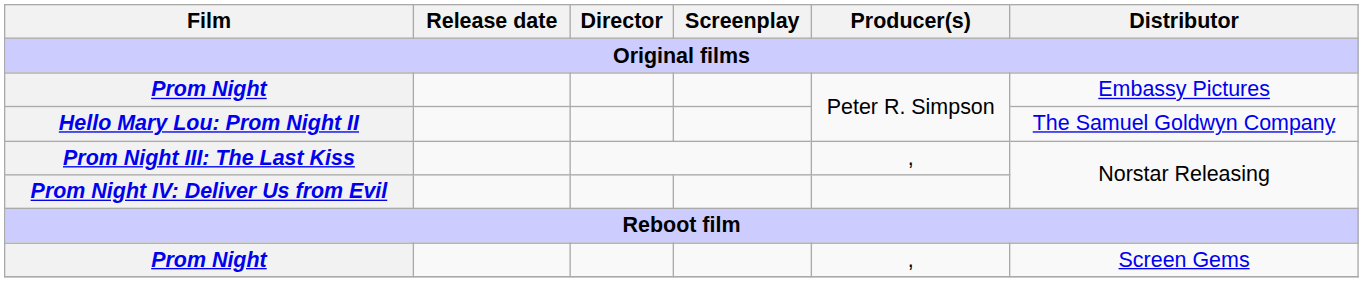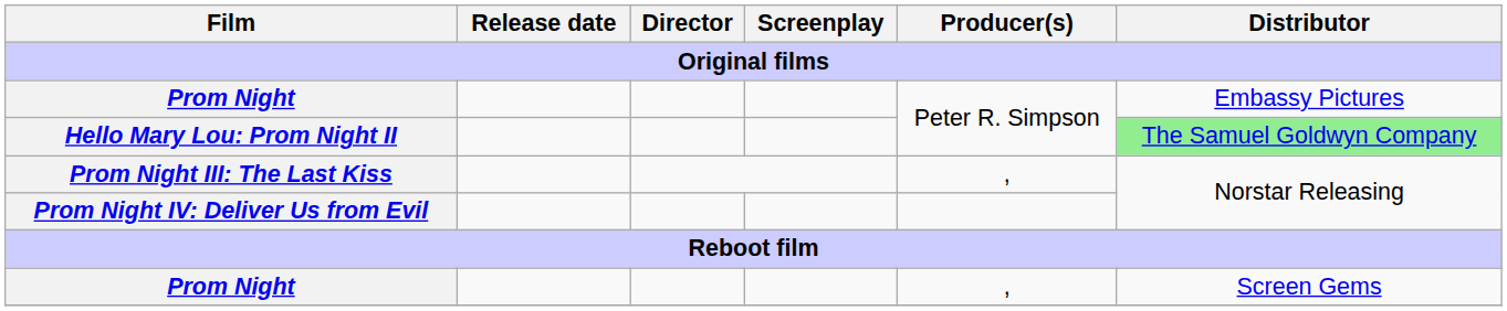 <table class="wikitable plainrowheaders sortable" width=80% border="1" style="text-align:center;">
 <tr>
 <th scope="col">Film</th>
 <th scope="col">Release date</th>
 <th scope="col">Director</th>
 <th scope="col">Screenplay</th>
 <th scope="col">Producer(s)</th>
 <th scope="col">Distributor</th>
 </tr>
 <tr>
 <th colspan="6" style="background-color:#ccccff;">Original films</th>
 </tr>
 <tr>
 <th scope="row"><em><a href='#'>Prom Night</a></em></th>
 <td></td>
 <td></td>
 <td></td>
 <td rowspan=2>Peter R. Simpson</td>
 <td><a href='#'>Embassy Pictures</a></td>
 </tr>
 <tr>
 <th scope="row"><em><a href='#'>Hello Mary Lou: Prom Night II</a></em></th>
 <td></td>
 <td></td>
 <td></td>
-<td><a href='#'>The Samuel Goldwyn Company</a></td>
+<td style="background: lightgreen;"><a href='#'>The Samuel Goldwyn Company</a></td>
 </tr>
 <tr>
 <th scope="row"><em><a href='#'>Prom Night III: The Last Kiss</a></em></th>
 <td></td>
 <td colspan="2"></td>
 <td>, </td>
 <td rowspan=2>Norstar Releasing</td>
 </tr>
 <tr>
 <th scope="row"><em><a href='#'>Prom Night IV: Deliver Us from Evil</a></em></th>
 <td></td>
 <td></td>
 <td></td>
 <td></td>
 </tr>
 <tr>
 <th colspan="6" style="background-color:#ccccff;">Reboot film</th>
 </tr>
 <tr>
 <th scope="row"><em><a href='#'>Prom Night</a></em></th>
 <td></td>
 <td></td>
 <td></td>
 <td>, </td>
 <td><a href='#'>Screen Gems</a></td>
 </tr>
 <tr>
 </tr>
 </table>
